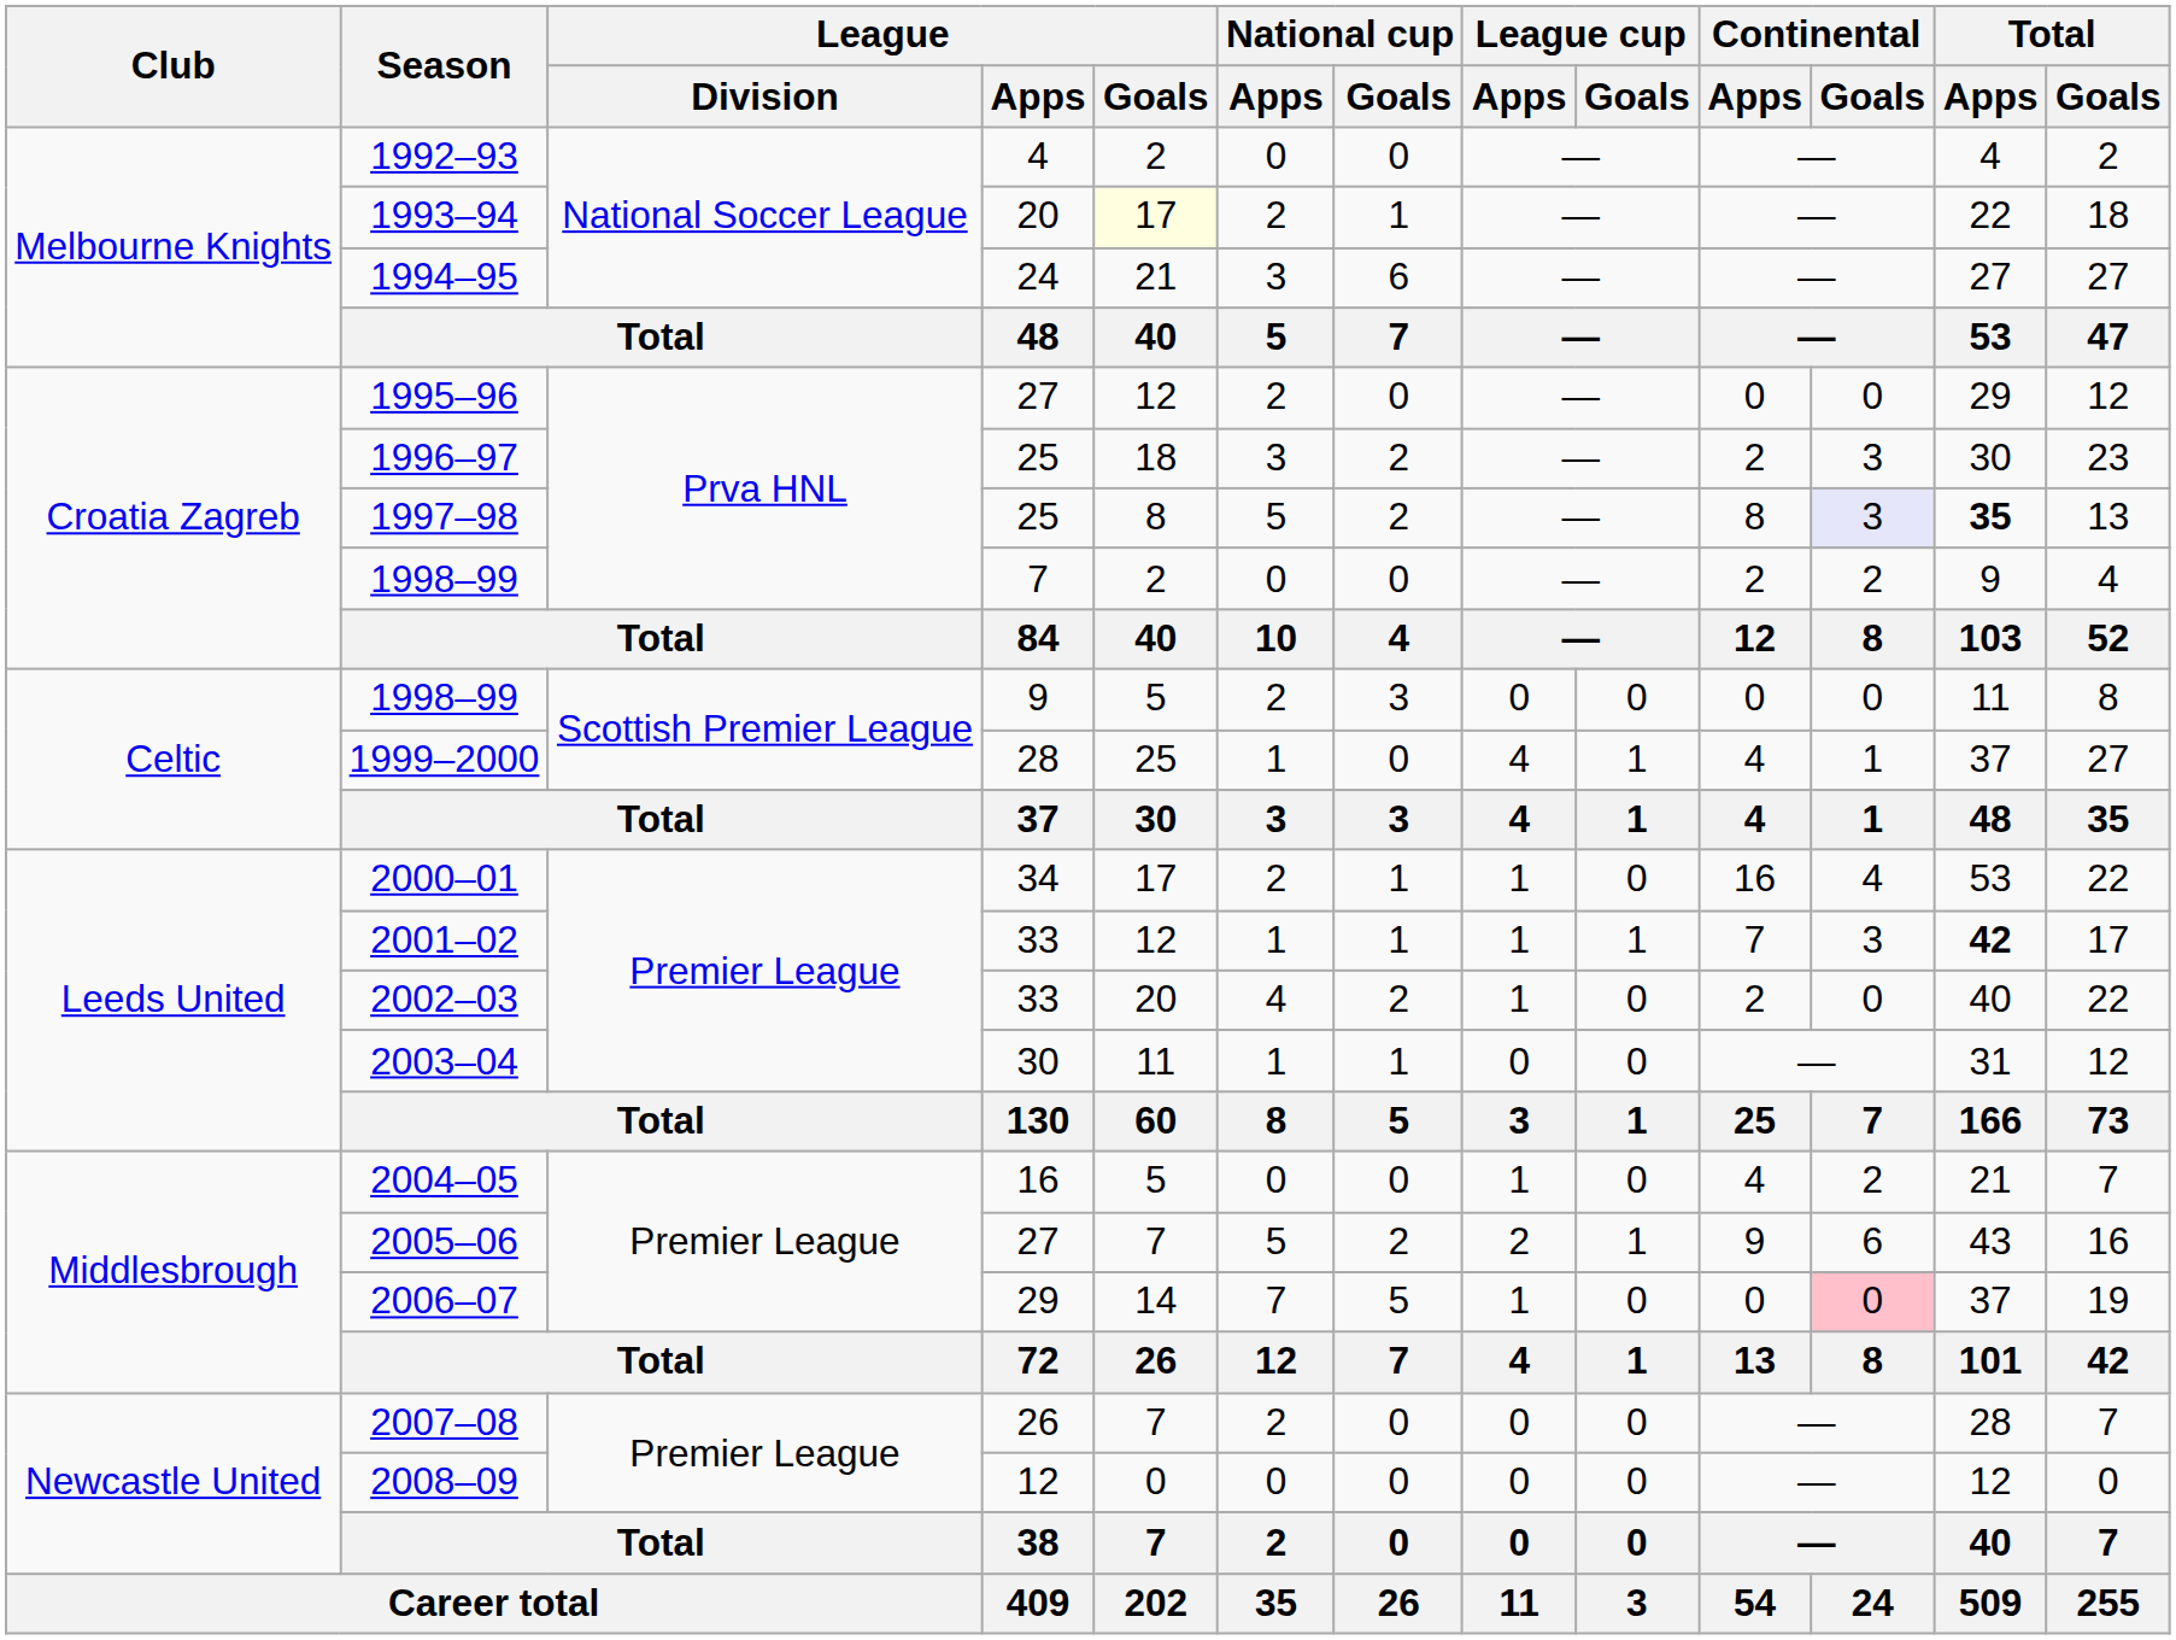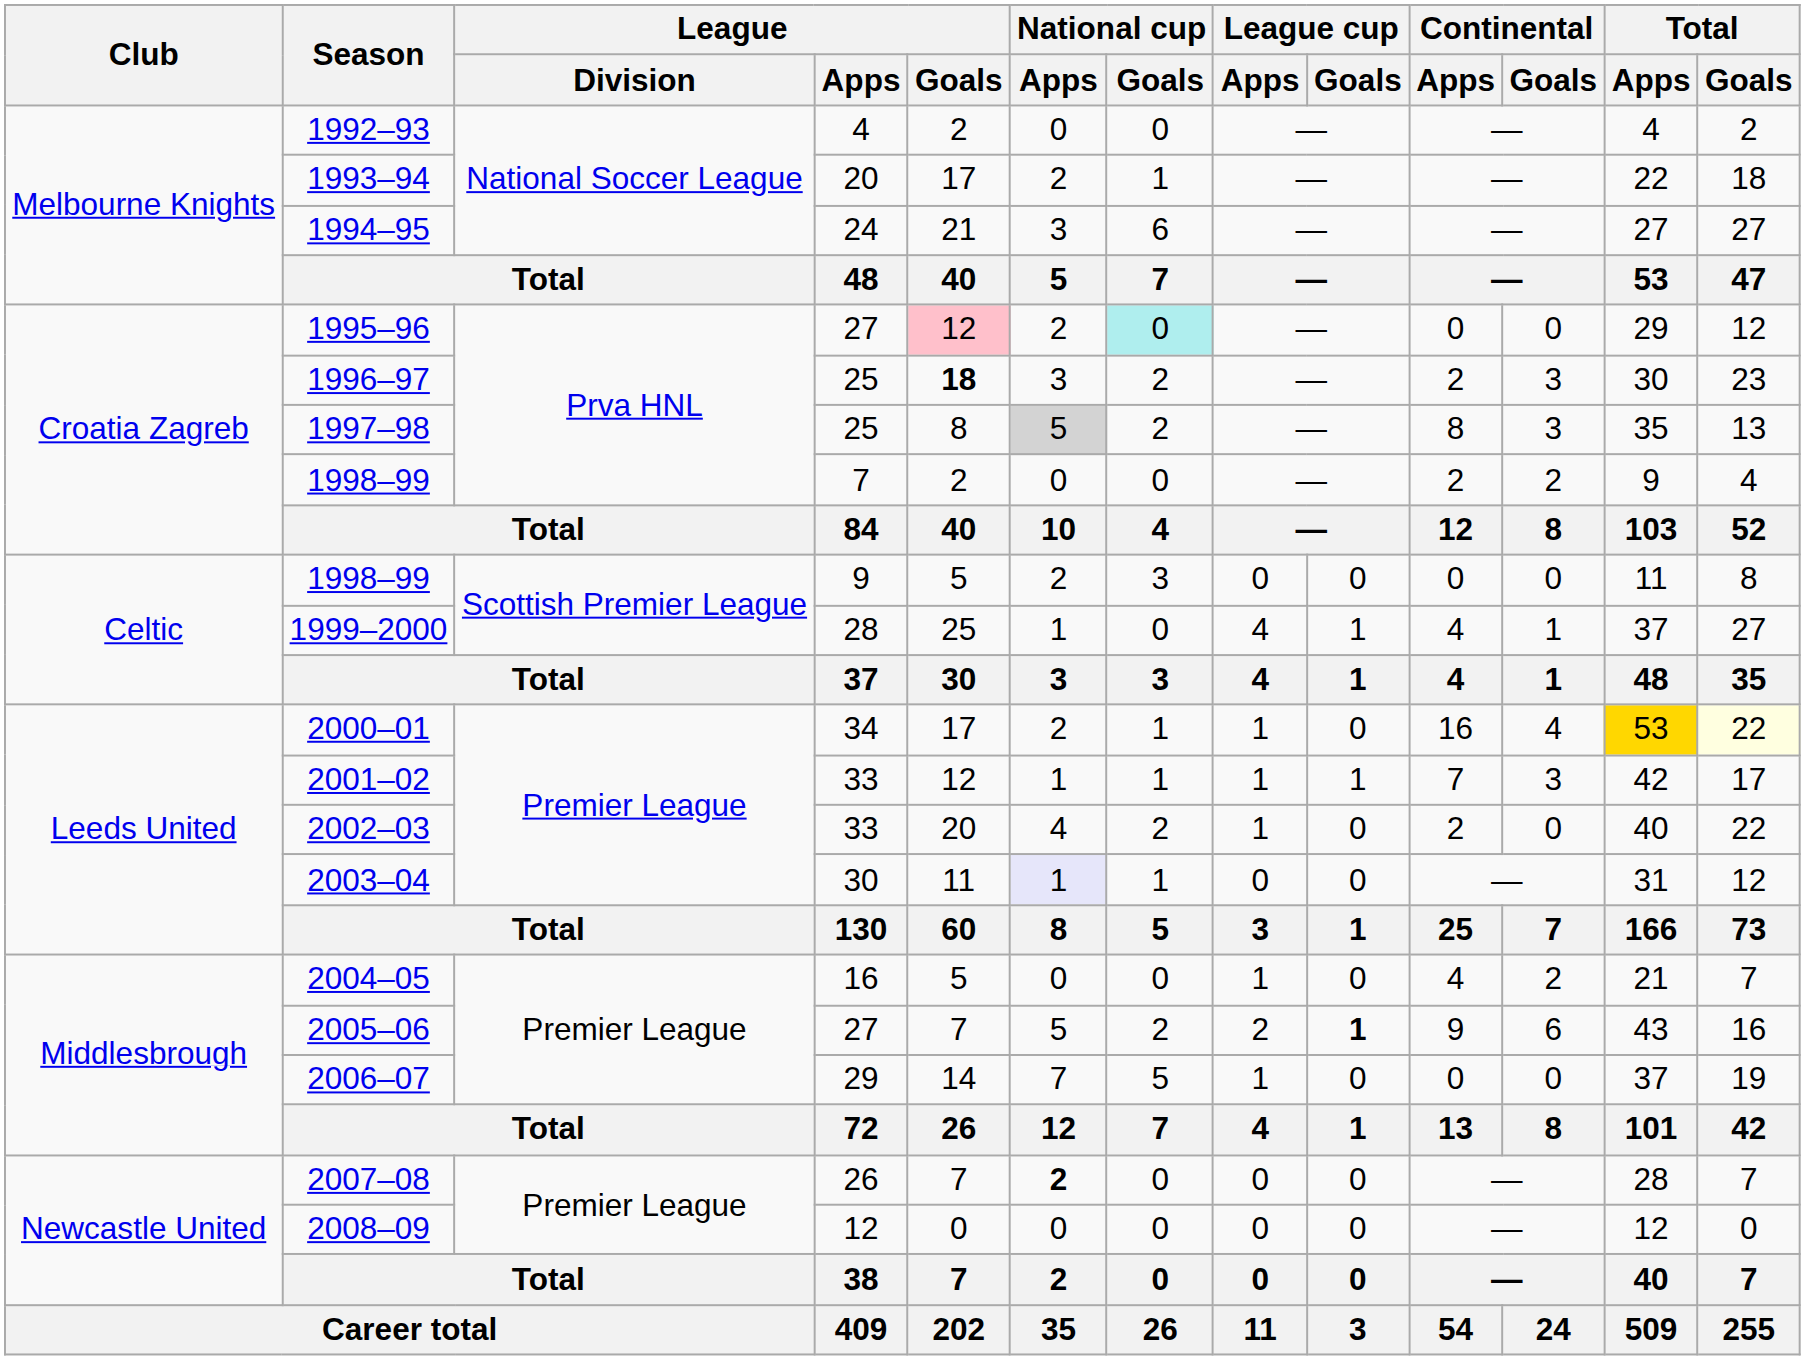 <table class="wikitable" style="text-align: center;">
 <tr>
 <th rowspan="2">Club</th>
 <th rowspan="2">Season</th>
 <th colspan="3">League</th>
 <th colspan="2">National cup</th>
 <th colspan="2">League cup</th>
 <th colspan="2">Continental</th>
 <th colspan="3">Total</th>
 </tr>
 <tr>
 <th>Division</th>
 <th>Apps</th>
 <th>Goals</th>
 <th>Apps</th>
 <th>Goals</th>
 <th>Apps</th>
 <th>Goals</th>
 <th>Apps</th>
 <th>Goals</th>
 <th>Apps</th>
 <th>Goals</th>
 </tr>
 <tr>
 <td rowspan="4"><a href='#'>Melbourne Knights</a></td>
 <td><a href='#'>1992–93</a></td>
 <td rowspan=3><a href='#'>National Soccer League</a></td>
 <td>4</td>
 <td>2</td>
 <td>0</td>
 <td>0</td>
 <td colspan="2">—</td>
 <td colspan="2">—</td>
 <td>4</td>
 <td>2</td>
 </tr>
 <tr>
 <td><a href='#'>1993–94</a></td>
 <td>20</td>
-<td style="background: lightyellow;">17</td>
+<td>17</td>
 <td>2</td>
 <td>1</td>
 <td colspan="2">—</td>
 <td colspan="2">—</td>
 <td>22</td>
 <td>18</td>
 </tr>
 <tr>
 <td><a href='#'>1994–95</a></td>
 <td>24</td>
 <td>21</td>
 <td>3</td>
 <td>6</td>
 <td colspan="2">—</td>
 <td colspan="2">—</td>
 <td>27</td>
 <td>27</td>
 </tr>
 <tr>
 <th colspan="2">Total</th>
 <th>48</th>
 <th>40</th>
 <th>5</th>
 <th>7</th>
 <th colspan="2">—</th>
 <th colspan="2">—</th>
 <th>53</th>
 <th>47</th>
 </tr>
 <tr>
 <td rowspan="5"><a href='#'>Croatia Zagreb</a></td>
 <td><a href='#'>1995–96</a></td>
 <td rowspan="4"><a href='#'>Prva HNL</a></td>
 <td>27</td>
-<td>12</td>
+<td style="background: pink;">12</td>
 <td>2</td>
-<td>0</td>
+<td style="background: paleturquoise;">0</td>
 <td colspan="2">—</td>
 <td>0</td>
 <td>0</td>
 <td>29</td>
 <td>12</td>
 </tr>
 <tr>
 <td><a href='#'>1996–97</a></td>
 <td>25</td>
-<td>18</td>
+<td><strong>18</strong></td>
 <td>3</td>
 <td>2</td>
 <td colspan="2">—</td>
 <td>2</td>
 <td>3</td>
 <td>30</td>
 <td>23</td>
 </tr>
 <tr>
 <td><a href='#'>1997–98</a></td>
 <td>25</td>
 <td>8</td>
-<td>5</td>
+<td style="background: lightgrey;">5</td>
 <td>2</td>
 <td colspan="2">—</td>
 <td>8</td>
-<td style="background: lavender;">3</td>
-<td><strong>35</strong></td>
+<td>3</td>
+<td>35</td>
 <td>13</td>
 </tr>
 <tr>
 <td><a href='#'>1998–99</a></td>
 <td>7</td>
 <td>2</td>
 <td>0</td>
 <td>0</td>
 <td colspan="2">—</td>
 <td>2</td>
 <td>2</td>
 <td>9</td>
 <td>4</td>
 </tr>
 <tr>
 <th colspan="2">Total</th>
 <th>84</th>
 <th>40</th>
 <th>10</th>
 <th>4</th>
 <th colspan="2">—</th>
 <th>12</th>
 <th>8</th>
 <th>103</th>
 <th>52</th>
 </tr>
 <tr>
 <td rowspan="3"><a href='#'>Celtic</a></td>
 <td><a href='#'>1998–99</a></td>
 <td rowspan="2"><a href='#'>Scottish Premier League</a></td>
 <td>9</td>
 <td>5</td>
 <td>2</td>
 <td>3</td>
 <td>0</td>
 <td>0</td>
 <td>0</td>
 <td>0</td>
 <td>11</td>
 <td>8</td>
 </tr>
 <tr>
 <td><a href='#'>1999–2000</a></td>
 <td>28</td>
 <td>25</td>
 <td>1</td>
 <td>0</td>
 <td>4</td>
 <td>1</td>
 <td>4</td>
 <td>1</td>
 <td>37</td>
 <td>27</td>
 </tr>
 <tr>
 <th colspan="2">Total</th>
 <th>37</th>
 <th>30</th>
 <th>3</th>
 <th>3</th>
 <th>4</th>
 <th>1</th>
 <th>4</th>
 <th>1</th>
 <th>48</th>
 <th>35</th>
 </tr>
 <tr>
 <td rowspan="5"><a href='#'>Leeds United</a></td>
 <td><a href='#'>2000–01</a></td>
 <td rowspan="4"><a href='#'>Premier League</a></td>
 <td>34</td>
 <td>17</td>
 <td>2</td>
 <td>1</td>
 <td>1</td>
 <td>0</td>
 <td>16</td>
 <td>4</td>
-<td>53</td>
-<td>22</td>
+<td style="background: gold;">53</td>
+<td style="background: lightyellow;">22</td>
 </tr>
 <tr>
 <td><a href='#'>2001–02</a></td>
 <td>33</td>
 <td>12</td>
 <td>1</td>
 <td>1</td>
 <td>1</td>
 <td>1</td>
 <td>7</td>
 <td>3</td>
-<td><strong>42</strong></td>
+<td>42</td>
 <td>17</td>
 </tr>
 <tr>
 <td><a href='#'>2002–03</a></td>
 <td>33</td>
 <td>20</td>
 <td>4</td>
 <td>2</td>
 <td>1</td>
 <td>0</td>
 <td>2</td>
 <td>0</td>
 <td>40</td>
 <td>22</td>
 </tr>
 <tr>
 <td><a href='#'>2003–04</a></td>
 <td>30</td>
 <td>11</td>
-<td>1</td>
+<td style="background: lavender;">1</td>
 <td>1</td>
 <td>0</td>
 <td>0</td>
 <td colspan="2">—</td>
 <td>31</td>
 <td>12</td>
 </tr>
 <tr>
 <th colspan="2">Total</th>
 <th>130</th>
 <th>60</th>
 <th>8</th>
 <th>5</th>
 <th>3</th>
 <th>1</th>
 <th>25</th>
 <th>7</th>
 <th>166</th>
 <th>73</th>
 </tr>
 <tr>
 <td rowspan="4"><a href='#'>Middlesbrough</a></td>
 <td><a href='#'>2004–05</a></td>
 <td rowspan="3">Premier League</td>
 <td>16</td>
 <td>5</td>
 <td>0</td>
 <td>0</td>
 <td>1</td>
 <td>0</td>
 <td>4</td>
 <td>2</td>
 <td>21</td>
 <td>7</td>
 </tr>
 <tr>
 <td><a href='#'>2005–06</a></td>
 <td>27</td>
 <td>7</td>
 <td>5</td>
 <td>2</td>
 <td>2</td>
-<td>1</td>
+<td><strong>1</strong></td>
 <td>9</td>
 <td>6</td>
 <td>43</td>
 <td>16</td>
 </tr>
 <tr>
 <td><a href='#'>2006–07</a></td>
 <td>29</td>
 <td>14</td>
 <td>7</td>
 <td>5</td>
 <td>1</td>
 <td>0</td>
 <td>0</td>
-<td style="background: pink;">0</td>
+<td>0</td>
 <td>37</td>
 <td>19</td>
 </tr>
 <tr>
 <th colspan="2">Total</th>
 <th>72</th>
 <th>26</th>
 <th>12</th>
 <th>7</th>
 <th>4</th>
 <th>1</th>
 <th>13</th>
 <th>8</th>
 <th>101</th>
 <th>42</th>
 </tr>
 <tr>
 <td rowspan="3"><a href='#'>Newcastle United</a></td>
 <td><a href='#'>2007–08</a></td>
 <td rowspan="2">Premier League</td>
 <td>26</td>
 <td>7</td>
-<td>2</td>
+<td><strong>2</strong></td>
 <td>0</td>
 <td>0</td>
 <td>0</td>
 <td colspan="2">—</td>
 <td>28</td>
 <td>7</td>
 </tr>
 <tr>
 <td><a href='#'>2008–09</a></td>
 <td>12</td>
 <td>0</td>
 <td>0</td>
 <td>0</td>
 <td>0</td>
 <td>0</td>
 <td colspan="2">—</td>
 <td>12</td>
 <td>0</td>
 </tr>
 <tr>
 <th colspan="2">Total</th>
 <th>38</th>
 <th>7</th>
 <th>2</th>
 <th>0</th>
 <th>0</th>
 <th>0</th>
 <th colspan="2">—</th>
 <th>40</th>
 <th>7</th>
 </tr>
 <tr>
 <th colspan="3">Career total</th>
 <th>409</th>
 <th>202</th>
 <th>35</th>
 <th>26</th>
 <th>11</th>
 <th>3</th>
 <th>54</th>
 <th>24</th>
 <th>509</th>
 <th>255</th>
 </tr>
 </table>
